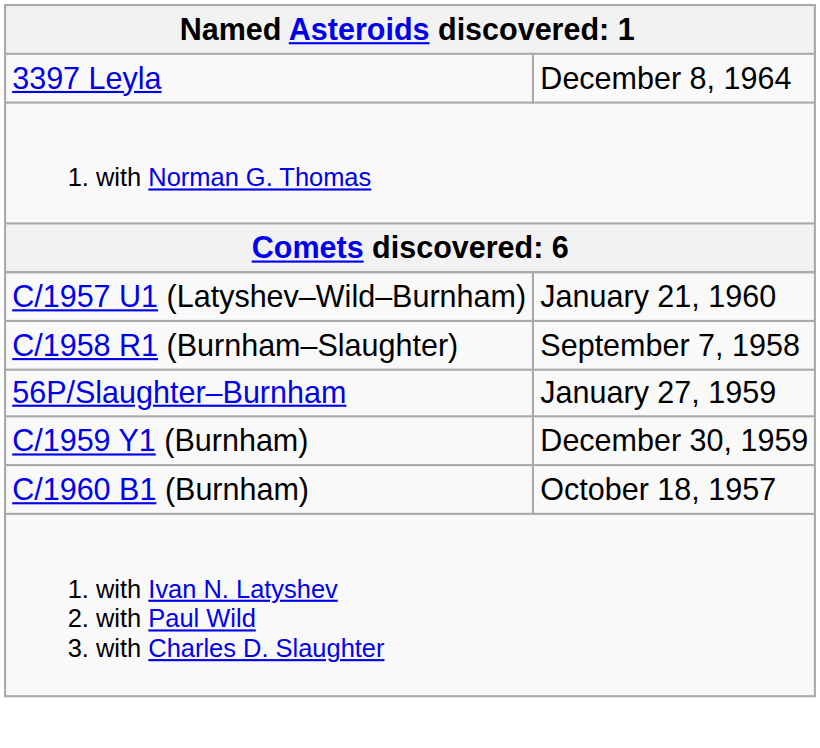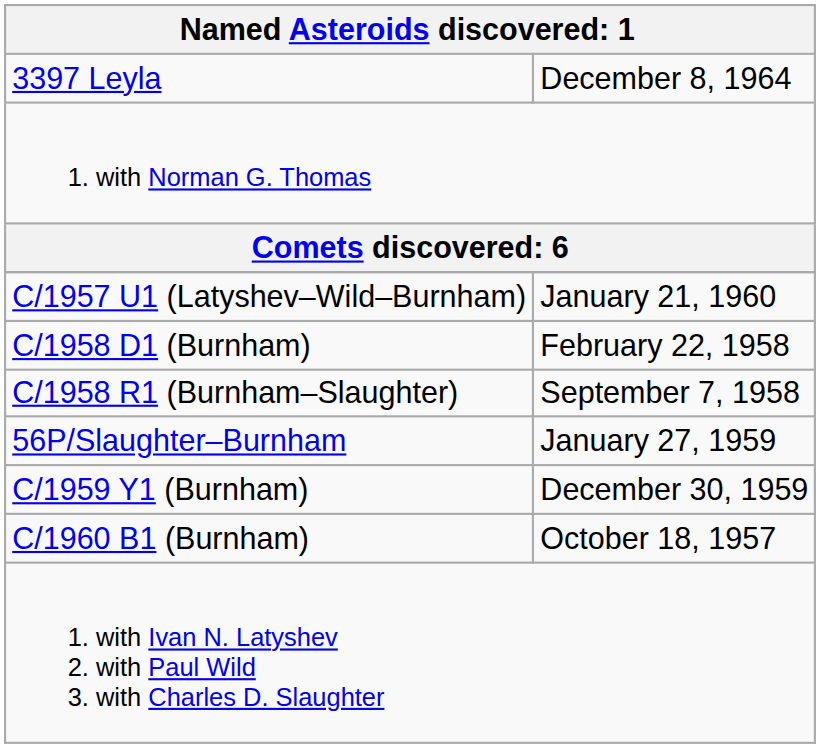 <table class="wikitable floatright" style="font-size: 0.9em;">
 <tr>
 <th colspan="2" style="white-space: nowrap;">Named <a href='#'>Asteroids</a> discovered: 1 </th>
 </tr>
 <tr>
 <td><a href='#'>3397 Leyla</a></td>
 <td>December 8, 1964</td>
 </tr>
 <tr>
 <td colspan="2" style="font-size: smaller;"><br><ol><li> with <a href='#'>Norman G. Thomas</a></li></ol></td>
 </tr>
 <tr>
 <th colspan="2" style="white-space: nowrap;"><a href='#'>Comets</a> discovered: 6</th>
 </tr>
 <tr>
 </tr>
 <tr>
 <td><a href='#'>C/1957 U1</a> (Latyshev–Wild–Burnham)</td>
 <td>January 21, 1960</td>
 </tr>
 <tr>
+<td><a href='#'>C/1958 D1</a> (Burnham)</td>
+<td>February 22, 1958</td>
+</tr>
+<tr>
 <td><a href='#'>C/1958 R1</a> (Burnham–Slaughter)</td>
 <td>September 7, 1958</td>
 </tr>
 <tr>
 <td><a href='#'>56P/Slaughter–Burnham</a></td>
 <td>January 27, 1959</td>
 </tr>
 <tr>
 <td><a href='#'>C/1959 Y1</a> (Burnham)</td>
 <td>December 30, 1959</td>
 </tr>
 <tr>
 <td><a href='#'>C/1960 B1</a> (Burnham)</td>
 <td>October 18, 1957</td>
 </tr>
 <tr>
 <td colspan="2" style="font-size: smaller;"><br><ol><li> with <a href='#'>Ivan N. Latyshev</a></li><li> with <a href='#'>Paul Wild</a></li><li> with <a href='#'>Charles D. Slaughter</a></li></ol></td>
 </tr>
 </table>
